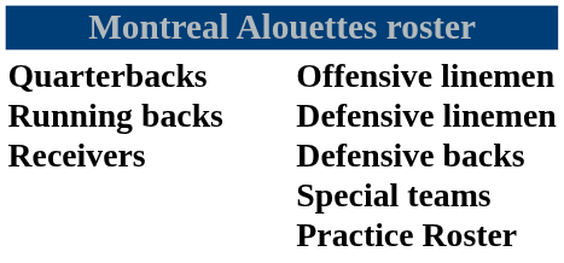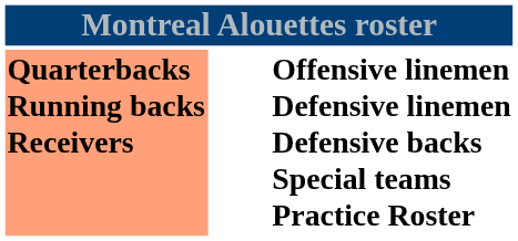 <table class="toccolours" style="text-align: left;">
 <tr>
 <th colspan="7" style="background-color: #003E77; color:#B1B9BC; text-align:center"><strong>Montreal Alouettes roster</strong></th>
 </tr>
 <tr>
-<td style="font-size: 95%;" valign="top"><strong>Quarterbacks</strong><br><strong>Running backs</strong><br><strong>Receivers</strong></td>
+<td style="background: lightsalmon; font-size: 95%;" valign="top"><strong>Quarterbacks</strong><br><strong>Running backs</strong><br><strong>Receivers</strong></td>
 <td style="width: 25px;"></td>
 <td style="font-size: 95%;" valign="top"><strong>Offensive linemen</strong><br><strong>Defensive linemen</strong><br><strong>Defensive backs</strong><br><strong>Special teams</strong><br><strong>Practice Roster</strong></td>
 </tr>
 <tr>
 </tr>
 </table>
